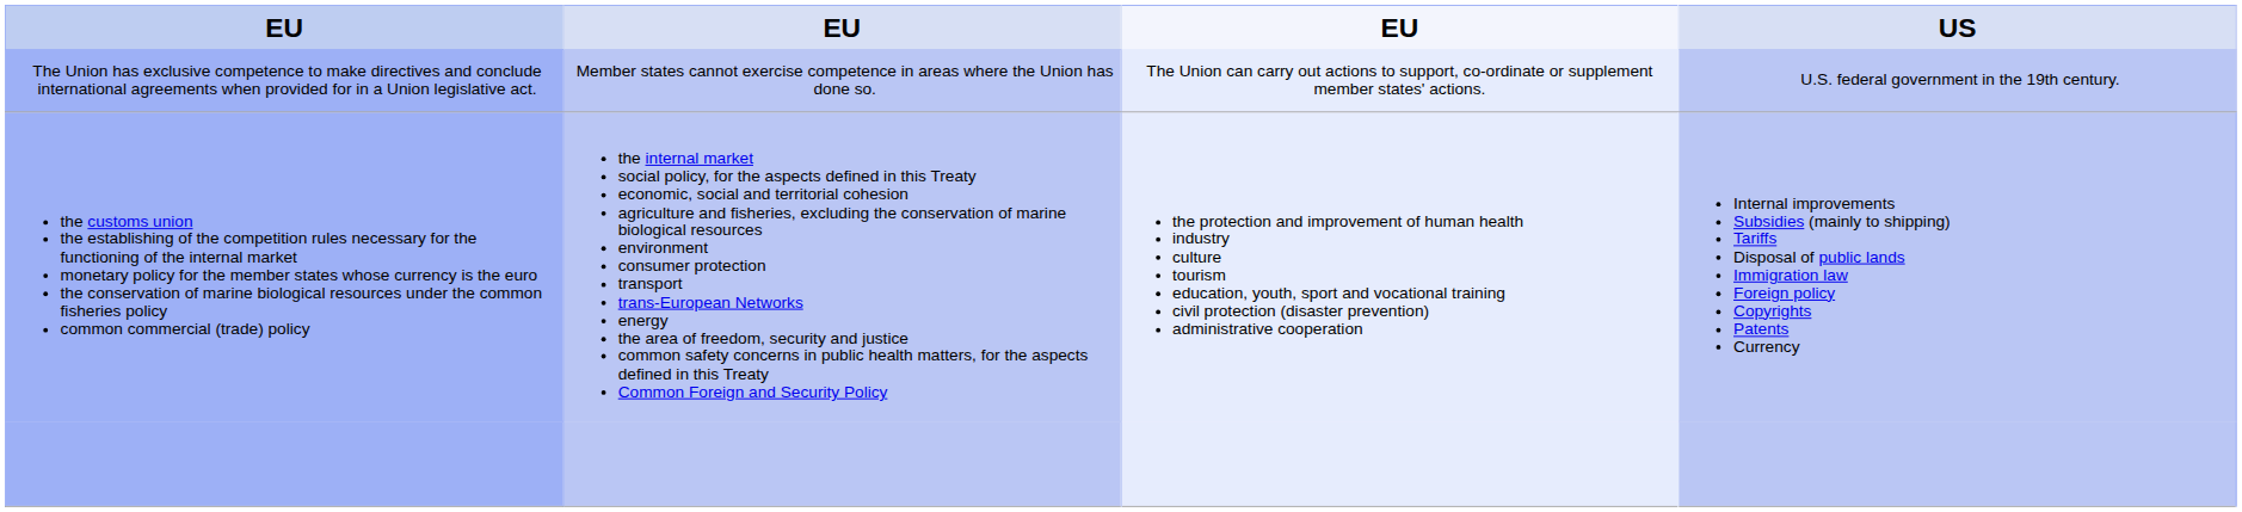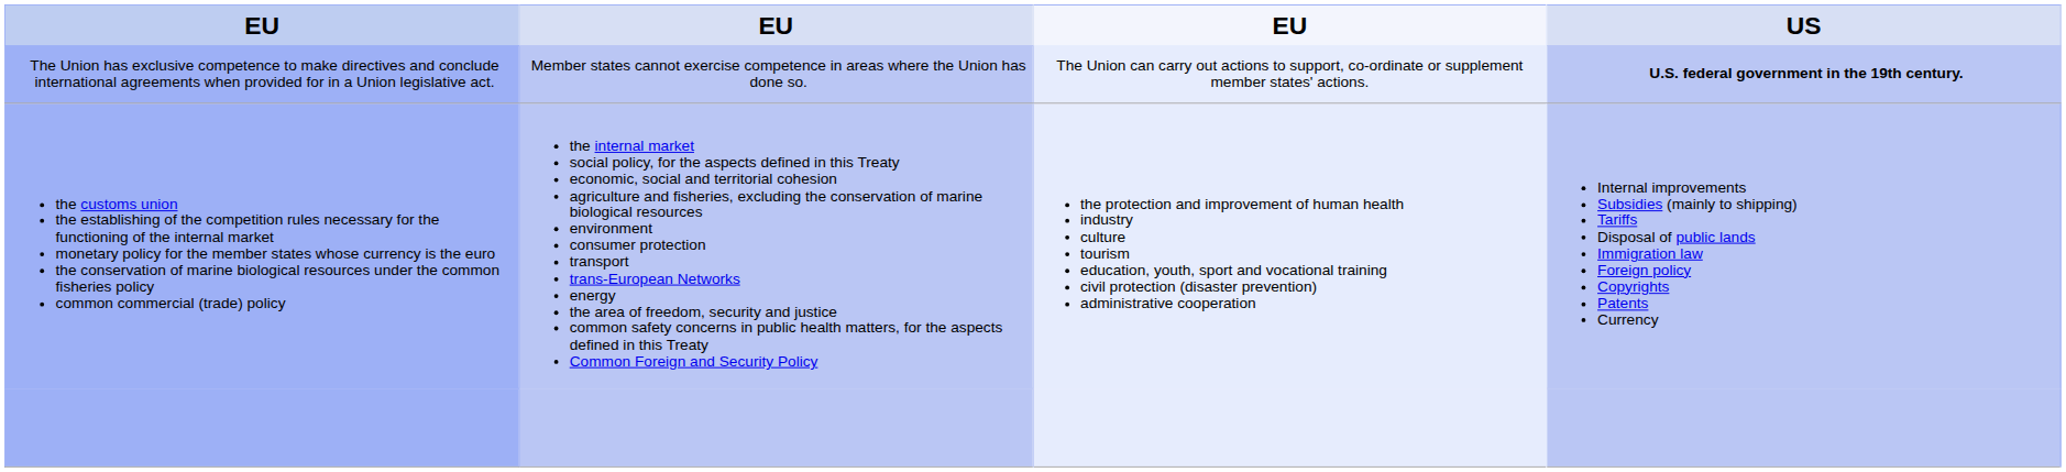 <table class="wikitable">
 <tr>
 <th style="font-size:150%; padding: 5px; border:1px solid #9DB0F6; border-right:1px solid #BECDF1; text-align:center; background:#BECDF1; width:25%; height:20%">EU </th>
 <th style="font-size:150%; padding: 5px; border:1px solid #BAC6F4; border-top:1px solid #9DB0F6; border-right:1px solid #D7DFF4; text-align:center; background:#D7DFF4; width:25%">EU </th>
 <th style="font-size:150%; padding: 5px; border:1px solid #E6ECFD; border-top:1px solid #9DB0F6; text-align:center; background:#F3F5FD; width:25%">EU </th>
 <th style="font-size:150%; padding: 5px; border:1px solid #BAC6F4; border-top:1px solid #9DB0F6; text-align:center; background:#D7DFF4">US </th>
 </tr>
 <tr>
 <td style="border-top: 1px dotted white; padding-left: 8px; border-left:1px solid #9DB0F6; border-right:1px solid #9DB0F6; text-align:center; background:#9DB0F6; font-size:90%; line-height: 1.1em; height:20%">The Union has exclusive competence to make directives and conclude international agreements when provided for in a Union legislative act.</td>
 <td style="border-top: 1px dotted white; padding-left: 8px; border-left:1px solid #BAC6F4; border-right:1px solid #BAC6F4; text-align:center; background:#BAC6F4; font-size:90%; line-height: 1.1em; ">Member states cannot exercise competence in areas where the Union has done so.</td>
 <td style="border-top: 1px dotted white; padding: 5px; border-right: 1px solid #E6ECFD; text-align:center; background:#E6ECFD; font-size:90%; line-height: 1.1em; height:44px">The Union can carry out actions to support, co-ordinate or supplement member states' actions.</td>
-<td style="border-top: 1px dotted white; padding-left: 8px; border-right:1px solid #BAC6F4; text-align:center; background:#BAC6F4; font-size:90%; line-height: 1.1em; ">U.S. federal government in the 19th century.</td>
+<td style="border-top: 1px dotted white; padding-left: 8px; border-right:1px solid #BAC6F4; text-align:center; background:#BAC6F4; font-size:90%; line-height: 1.1em; "><strong>U.S. federal government in the 19th century.</strong></td>
 </tr>
 <tr>
 <td style="padding-left: 8px; border-left:1px solid #9DB0F6; border-right:1px solid #9DB0F6; border-bottom:1px solid #9DB0F6; text-align:left; background:#9DB0F6; font-size:90%; line-height: 1.1em; "><br><ul><li>the <a href='#'>customs union</a></li><li>the establishing of the competition rules necessary for the functioning of the internal market</li><li>monetary policy for the member states whose currency is the euro</li><li>the conservation of marine biological resources under the common fisheries policy</li><li>common commercial (trade) policy</li></ul></td>
 <td style="padding-left: 8px; border-left:1px solid #BAC6F4; border-right:1px solid #BAC6F4; border-bottom:1px solid #BAC6F4; text-align:left; background:#BAC6F4; font-size:90%; line-height: 1.1em;"><br><ul><li>the <a href='#'>internal market</a></li><li>social policy, for the aspects defined in this Treaty</li><li>economic, social and territorial cohesion</li><li>agriculture and fisheries, excluding the conservation of marine biological resources</li><li>environment</li><li>consumer protection</li><li>transport</li><li><a href='#'>trans-European Networks</a></li><li>energy</li><li>the area of freedom, security and justice</li><li>common safety concerns in public health matters, for the aspects defined in this Treaty</li><li><a href='#'>Common Foreign and Security Policy</a></li></ul></td>
 <td style="padding: 5px; border-left:1px solid #E6ECFD; border-right:1px solid #E6ECFD; border-bottom:1px solid #E6ECFD; text-align:left; background:#E6ECFD; font-size:90%; line-height: 1.1em; "><br><ul><li>the protection and improvement of human health</li><li>industry</li><li>culture</li><li>tourism</li><li>education, youth, sport and vocational training</li><li>civil protection (disaster prevention)</li><li>administrative cooperation</li></ul></td>
 <td style="padding-left: 8px; border-right:1px solid #9DB0F6; border-bottom:1px solid #BAC6F4; text-align:left; background:#BAC6F4; font-size:90%; line-height: 1.1em; "><br><ul><li>Internal improvements</li><li><a href='#'>Subsidies</a> (mainly to shipping)</li><li><a href='#'>Tariffs</a></li><li>Disposal of <a href='#'>public lands</a></li><li><a href='#'>Immigration law</a></li><li><a href='#'>Foreign policy</a></li><li><a href='#'>Copyrights</a></li><li><a href='#'>Patents</a></li><li>Currency</li></ul></td>
 </tr>
 <tr>
 <td style="padding-left: 8px; border-left:1px solid #9DB0F6; border-right:1px solid #9DB0F6; text-align:left; background:#9DB0F6; font-size:90%; line-height: 1.1em;"><br><br><br><br></td>
 <td style="padding-left: 8px; border-left:1px solid #BAC6F4; border-right:1px solid #BAC6F4; border-bottom:0px solid #9DB0F6; text-align:left; background:#BAC6F4; font-size:90%; line-height: 1.1em;"><br><br><br><br></td>
 <td style="padding: 5px; border-left:1px solid #E6ECFD; border-right:1px solid #E6ECFD; border-bottom:0px solid #9DB0F6; text-align:left; background:#E6ECFD; font-size:90%; line-height: 1.1em;"><br><br><br><br></td>
 <td style="padding-left: 8px; border-right:1px solid #9DB0F6; border-bottom:0px solid #9DB0F6; text-align:left; background:#BAC6F4; font-size:90%; line-height: 1.1em;"><br><br><br><br></td>
 </tr>
 </table>
